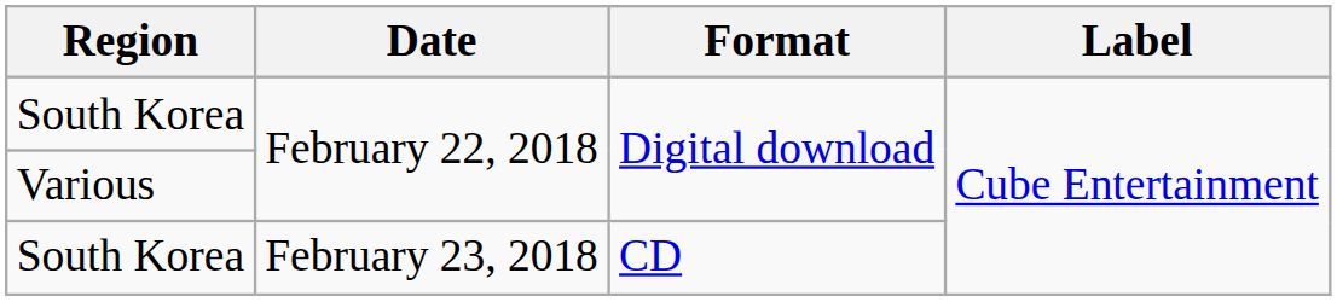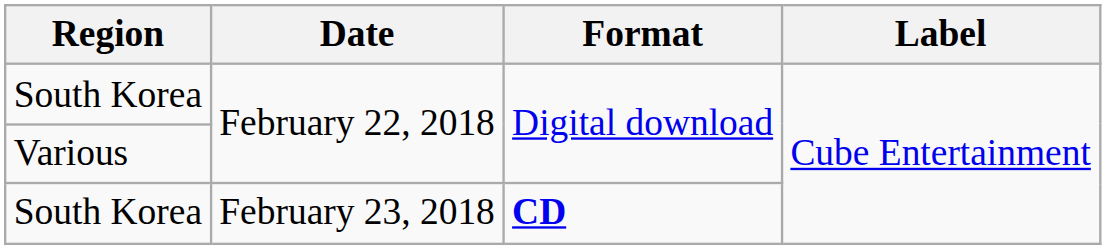 <table class="wikitable">
 <tr>
 <th>Region</th>
 <th>Date</th>
 <th>Format</th>
 <th>Label</th>
 </tr>
 <tr>
 <td>South Korea</td>
 <td rowspan="2">February 22, 2018</td>
 <td rowspan="2"><a href='#'>Digital download</a></td>
 <td rowspan="3"><a href='#'>Cube Entertainment</a></td>
 </tr>
 <tr>
 <td>Various</td>
 </tr>
 <tr>
 <td>South Korea</td>
 <td>February 23, 2018</td>
-<td><a href='#'>CD</a></td>
+<td><strong><a href='#'>CD</a></strong></td>
 </tr>
 </table>
